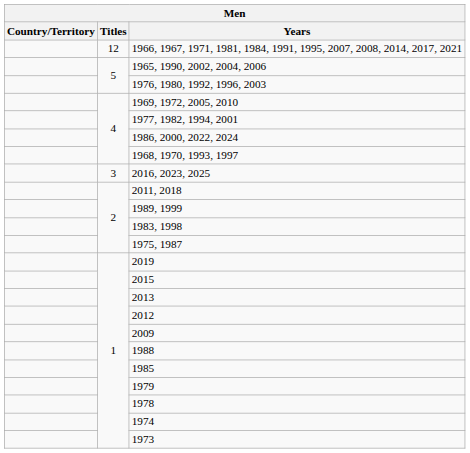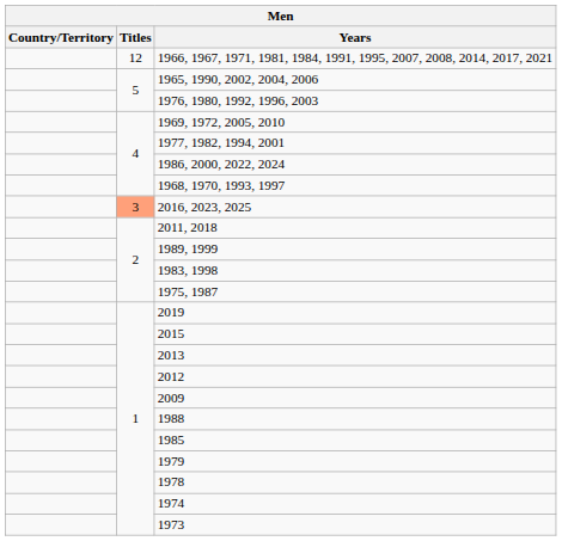 <table class="wikitable">
 <tr>
 <th colspan=3>Men</th>
 </tr>
 <tr>
 <th>Country/Territory</th>
 <th>Titles</th>
 <th>Years</th>
 </tr>
 <tr>
 <td></td>
 <td style="text-align:center;">12</td>
 <td>1966, 1967, 1971, 1981, 1984, 1991, 1995, 2007, 2008, 2014, 2017, 2021</td>
 </tr>
 <tr>
 <td></td>
 <td rowspan="2" style="text-align:center;">5</td>
 <td>1965, 1990, 2002, 2004, 2006</td>
 </tr>
 <tr>
 <td></td>
 <td>1976, 1980, 1992, 1996, 2003</td>
 </tr>
 <tr>
 <td></td>
 <td rowspan="4" style="text-align:center;">4</td>
 <td>1969, 1972, 2005, 2010</td>
 </tr>
 <tr>
 <td></td>
 <td>1977, 1982, 1994, 2001</td>
 </tr>
 <tr>
 <td></td>
 <td>1986, 2000, 2022, 2024</td>
 </tr>
 <tr>
 <td></td>
 <td>1968, 1970, 1993, 1997</td>
 </tr>
 <tr>
 <td></td>
-<td rowspan="1" style="text-align:center;">3</td>
+<td rowspan="1" style="background: lightsalmon; text-align:center;">3</td>
 <td>2016, 2023, 2025</td>
 </tr>
 <tr>
 <td></td>
 <td rowspan="4" style="text-align:center;">2</td>
 <td>2011, 2018</td>
 </tr>
 <tr>
 <td></td>
 <td>1989, 1999</td>
 </tr>
 <tr>
 <td></td>
 <td>1983, 1998</td>
 </tr>
 <tr>
 <td></td>
 <td>1975, 1987</td>
 </tr>
 <tr>
 <td></td>
 <td rowspan="13" style="text-align:center;">1</td>
 <td>2019</td>
 </tr>
 <tr>
 <td></td>
 <td>2015</td>
 </tr>
 <tr>
 <td></td>
 <td>2013</td>
 </tr>
 <tr>
 <td></td>
 <td>2012</td>
 </tr>
 <tr>
 <td></td>
 <td>2009</td>
 </tr>
 <tr>
 <td></td>
 <td>1988</td>
 </tr>
 <tr>
 <td></td>
 <td>1985</td>
 </tr>
 <tr>
 <td></td>
 <td>1979</td>
 </tr>
 <tr>
 <td></td>
 <td>1978</td>
 </tr>
 <tr>
 <td></td>
 <td>1974</td>
 </tr>
 <tr>
 <td></td>
 <td>1973</td>
 </tr>
 </table>
